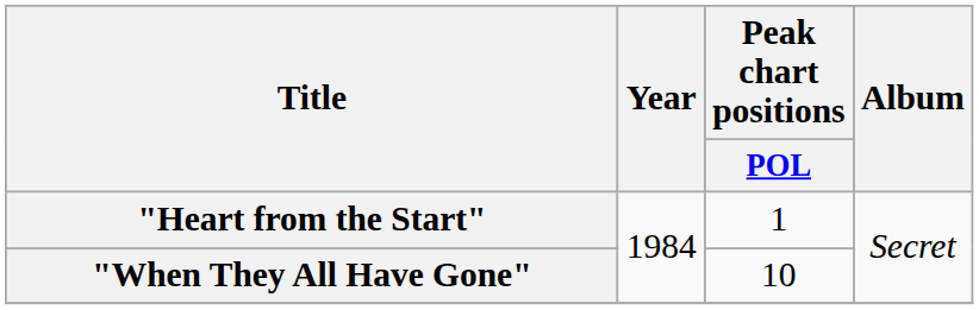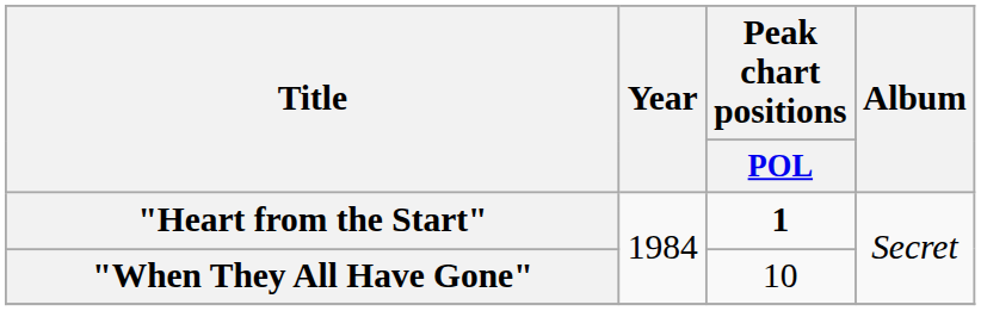 <table class="wikitable plainrowheaders" style="text-align:center;">
 <tr>
 <th rowspan="2" scope="col" style="width:17em;">Title</th>
 <th rowspan="2" scope="col" style="width:2em;">Year</th>
 <th colspan="1">Peak chart positions</th>
 <th rowspan="2">Album</th>
 </tr>
 <tr>
 <th scope="col" style="width:2em;font-size:90%;"><a href='#'>POL</a><br></th>
 </tr>
 <tr>
 <th scope="row">"Heart from the Start"</th>
 <td rowspan="2">1984</td>
-<td>1</td>
+<td><strong>1</strong></td>
 <td rowspan="2"><em>Secret</em></td>
 </tr>
 <tr>
 <th scope="row">"When They All Have Gone"</th>
 <td>10</td>
 </tr>
 <tr>
 </tr>
 </table>
